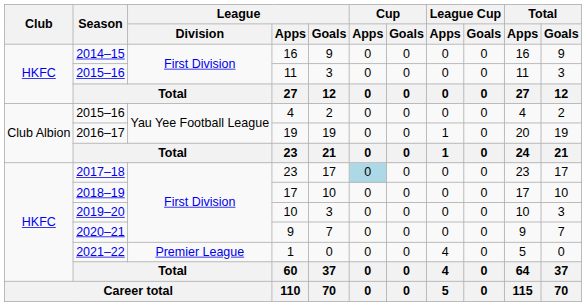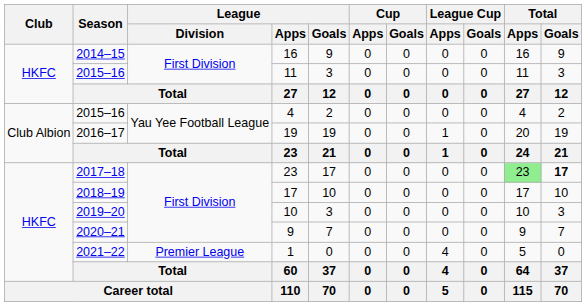 <table class="wikitable" style="text-align: center">
 <tr>
 <th rowspan="2">Club</th>
 <th rowspan="2">Season</th>
 <th colspan="3">League</th>
 <th colspan="2">Cup</th>
 <th colspan="2">League Cup</th>
 <th colspan="2">Total</th>
 </tr>
 <tr>
 <th>Division</th>
 <th>Apps</th>
 <th>Goals</th>
 <th>Apps</th>
 <th>Goals</th>
 <th>Apps</th>
 <th>Goals</th>
 <th>Apps</th>
 <th>Goals</th>
 </tr>
 <tr>
 <td rowspan="3"><a href='#'>HKFC</a></td>
 <td><a href='#'>2014–15</a></td>
 <td rowspan="2"><a href='#'>First Division</a></td>
 <td>16</td>
 <td>9</td>
 <td>0</td>
 <td>0</td>
 <td>0</td>
 <td>0</td>
 <td>16</td>
 <td>9</td>
 </tr>
 <tr>
 <td><a href='#'>2015–16</a></td>
 <td>11</td>
 <td>3</td>
 <td>0</td>
 <td>0</td>
 <td>0</td>
 <td>0</td>
 <td>11</td>
 <td>3</td>
 </tr>
 <tr>
 <th colspan="2">Total</th>
 <th>27</th>
 <th>12</th>
 <th>0</th>
 <th>0</th>
 <th>0</th>
 <th>0</th>
 <th>27</th>
 <th>12</th>
 </tr>
 <tr>
 <td rowspan="3">Club Albion</td>
 <td>2015–16</td>
 <td rowspan="2">Yau Yee Football League</td>
 <td>4</td>
 <td>2</td>
 <td>0</td>
 <td>0</td>
 <td>0</td>
 <td>0</td>
 <td>4</td>
 <td>2</td>
 </tr>
 <tr>
 <td>2016–17</td>
 <td>19</td>
 <td>19</td>
 <td>0</td>
 <td>0</td>
 <td>1</td>
 <td>0</td>
 <td>20</td>
 <td>19</td>
 </tr>
 <tr>
 <th colspan="2">Total</th>
 <th>23</th>
 <th>21</th>
 <th>0</th>
 <th>0</th>
 <th>1</th>
 <th>0</th>
 <th>24</th>
 <th>21</th>
 </tr>
 <tr>
 <td rowspan="6"><a href='#'>HKFC</a></td>
 <td><a href='#'>2017–18</a></td>
 <td rowspan="4"><a href='#'>First Division</a></td>
 <td>23</td>
 <td>17</td>
-<td style="background: lightblue;">0</td>
 <td>0</td>
 <td>0</td>
 <td>0</td>
-<td>23</td>
-<td>17</td>
+<td>0</td>
+<td style="background: lightgreen;">23</td>
+<td><strong>17</strong></td>
 </tr>
 <tr>
 <td><a href='#'>2018–19</a></td>
 <td>17</td>
 <td>10</td>
 <td>0</td>
 <td>0</td>
 <td>0</td>
 <td>0</td>
 <td>17</td>
 <td>10</td>
 </tr>
 <tr>
 <td><a href='#'>2019–20</a></td>
 <td>10</td>
 <td>3</td>
 <td>0</td>
 <td>0</td>
 <td>0</td>
 <td>0</td>
 <td>10</td>
 <td>3</td>
 </tr>
 <tr>
 <td><a href='#'>2020–21</a></td>
 <td>9</td>
 <td>7</td>
 <td>0</td>
 <td>0</td>
 <td>0</td>
 <td>0</td>
 <td>9</td>
 <td>7</td>
 </tr>
 <tr>
 <td><a href='#'>2021–22</a></td>
 <td><a href='#'>Premier League</a></td>
 <td>1</td>
 <td>0</td>
 <td>0</td>
 <td>0</td>
 <td>4</td>
 <td>0</td>
 <td>5</td>
 <td>0</td>
 </tr>
 <tr>
 <th colspan="2">Total</th>
 <th>60</th>
 <th>37</th>
 <th>0</th>
 <th>0</th>
 <th>4</th>
 <th>0</th>
 <th>64</th>
 <th>37</th>
 </tr>
 <tr>
 <th colspan="3">Career total</th>
 <th>110</th>
 <th>70</th>
 <th>0</th>
 <th>0</th>
 <th>5</th>
 <th>0</th>
 <th>115</th>
 <th>70</th>
 </tr>
 </table>
